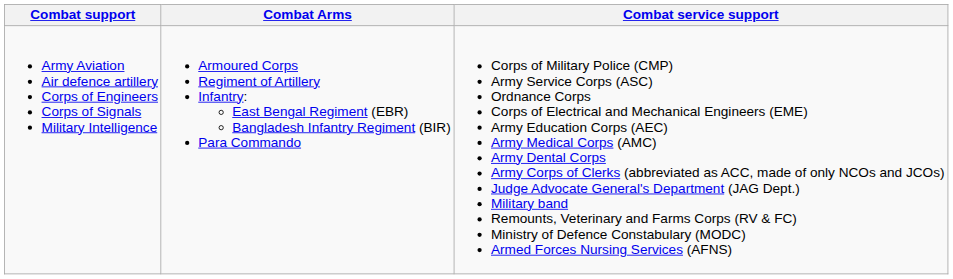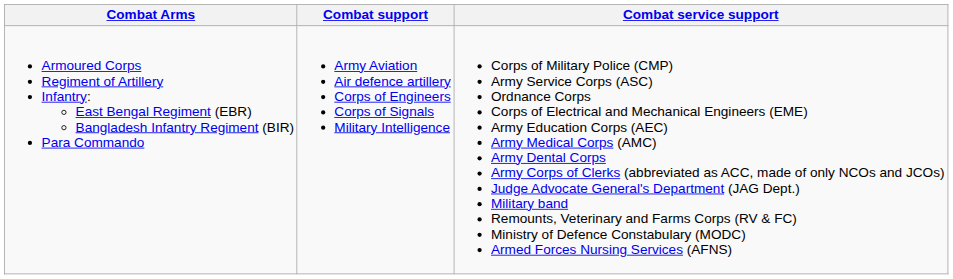 <table class=wikitable>
 <tr>
+<th><a href='#'>Combat Arms</a></th>
 <th><a href='#'>Combat support</a></th>
-<th><a href='#'>Combat Arms</a></th>
 <th><a href='#'>Combat service support</a></th>
 </tr>
 <tr valign=top>
+<td><br><ul><li><a href='#'>Armoured Corps</a></li><li><a href='#'>Regiment of Artillery</a></li><li><a href='#'>Infantry</a>:<ul><li><a href='#'>East Bengal Regiment</a> (EBR)</li><li><a href='#'>Bangladesh Infantry Regiment</a> (BIR)</li></ul></li><li><a href='#'>Para Commando</a></li></ul></td>
 <td><br><ul><li><a href='#'>Army Aviation</a></li><li><a href='#'>Air defence artillery</a></li><li><a href='#'>Corps of Engineers</a></li><li><a href='#'>Corps of Signals</a></li><li><a href='#'>Military Intelligence</a></li></ul></td>
-<td><br><ul><li><a href='#'>Armoured Corps</a></li><li><a href='#'>Regiment of Artillery</a></li><li><a href='#'>Infantry</a>:<ul><li><a href='#'>East Bengal Regiment</a> (EBR)</li><li><a href='#'>Bangladesh Infantry Regiment</a> (BIR)</li></ul></li><li><a href='#'>Para Commando</a></li></ul></td>
 <td><br><ul><li>Corps of Military Police (CMP)</li><li>Army Service Corps (ASC)</li><li>Ordnance Corps</li><li>Corps of Electrical and Mechanical Engineers (EME)</li><li>Army Education Corps (AEC)</li><li><a href='#'>Army Medical Corps</a> (AMC)</li><li><a href='#'>Army Dental Corps</a></li><li><a href='#'>Army Corps of Clerks</a> (abbreviated as ACC, made of only NCOs and JCOs)</li><li><a href='#'>Judge Advocate General's Department</a> (JAG Dept.)</li><li><a href='#'>Military band</a></li><li>Remounts, Veterinary and Farms Corps (RV & FC)</li><li>Ministry of Defence Constabulary (MODC)</li><li><a href='#'>Armed Forces Nursing Services</a> (AFNS)</li></ul></td>
 </tr>
 </table>
